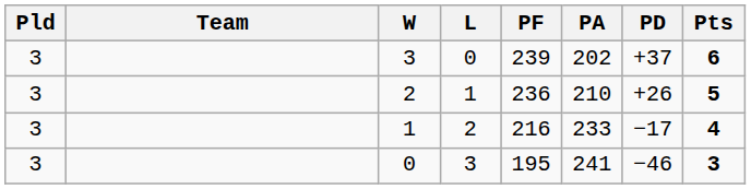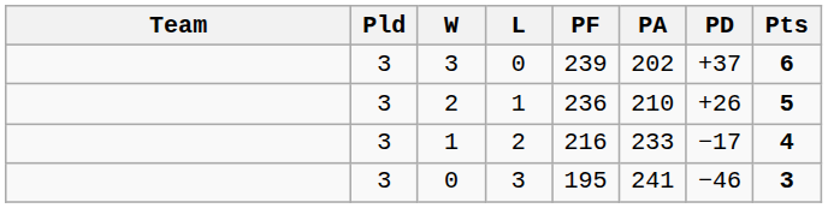 <table class=wikitable style="text-align:center">
 <tr>
+<th width=180>Team</th>
 <th width=30>Pld</th>
-<th width=180>Team</th>
 <th width=30>W</th>
 <th width=30>L</th>
 <th width=30>PF</th>
 <th width=30>PA</th>
 <th width=30>PD</th>
 <th width=30>Pts</th>
 </tr>
 <tr align=center>
+<td align=left></td>
 <td>3</td>
-<td align=left></td>
 <td>3</td>
 <td>0</td>
 <td>239</td>
 <td>202</td>
 <td>+37</td>
 <td><strong>6</strong></td>
 </tr>
 <tr align=center>
+<td align=left></td>
 <td>3</td>
-<td align=left></td>
 <td>2</td>
 <td>1</td>
 <td>236</td>
 <td>210</td>
 <td>+26</td>
 <td><strong>5</strong></td>
 </tr>
 <tr align=center>
+<td align=left></td>
 <td>3</td>
-<td align=left></td>
 <td>1</td>
 <td>2</td>
 <td>216</td>
 <td>233</td>
 <td>−17</td>
 <td><strong>4</strong></td>
 </tr>
 <tr align=center>
+<td align=left></td>
 <td>3</td>
-<td align=left></td>
 <td>0</td>
 <td>3</td>
 <td>195</td>
 <td>241</td>
 <td>−46</td>
 <td><strong>3</strong></td>
 </tr>
 </table>
